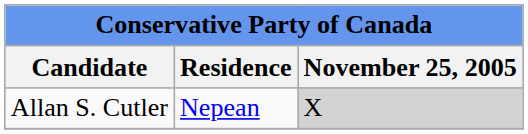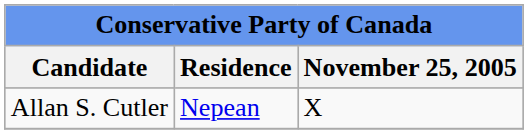 <table class="wikitable">
 <tr>
 <td align="center" bgcolor="cornflowerblue" colspan=3><strong>Conservative Party of Canada</strong></td>
 </tr>
 <tr>
 <th align="left">Candidate</th>
 <th align="center">Residence</th>
 <th align="left">November 25, 2005</th>
 </tr>
 <tr>
 <td>Allan S. Cutler</td>
 <td><a href='#'>Nepean</a></td>
-<td style="background: lightgrey;">X</td>
+<td>X</td>
 </tr>
 <tr>
 </tr>
 </table>
